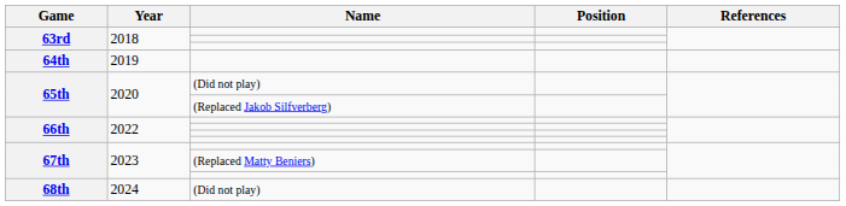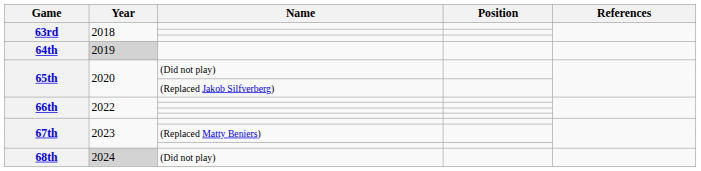 <table class="wikitable sortable" width="75%">
 <tr>
 <th scope="col">Game</th>
 <th scope="col">Year</th>
 <th scope="col">Name</th>
 <th scope="col">Position</th>
 <th scope="col" class="unsortable">References</th>
 </tr>
 <tr>
 <th scope="row" rowspan="3"><a href='#'>63rd</a></th>
 <td rowspan="3">2018</td>
 <td></td>
 <td></td>
 <td rowspan="3"></td>
 </tr>
 <tr>
 <td></td>
 <td></td>
 </tr>
 <tr>
 <td></td>
 <td></td>
 </tr>
 <tr>
 <th scope="row"><a href='#'>64th</a></th>
-<td>2019</td>
+<td style="background: lightgrey;">2019</td>
 <td></td>
 <td></td>
 <td></td>
 </tr>
 <tr>
 <th scope="row" rowspan="2"><a href='#'>65th</a></th>
 <td rowspan="2">2020</td>
 <td> <small>(Did not play)</small></td>
 <td></td>
 <td rowspan="2"></td>
 </tr>
 <tr>
 <td> <small>(Replaced <a href='#'>Jakob Silfverberg</a>)</small></td>
 <td></td>
 </tr>
 <tr>
 <th scope="row" rowspan="4"><a href='#'>66th</a></th>
 <td rowspan="4">2022</td>
 <td></td>
 <td></td>
 <td rowspan="4"></td>
 </tr>
 <tr>
 <td></td>
 <td></td>
 </tr>
 <tr>
 <td></td>
 <td></td>
 </tr>
 <tr>
 <td></td>
 <td></td>
 </tr>
 <tr>
 <th scope="row" rowspan="3"><a href='#'>67th</a></th>
 <td rowspan="3">2023</td>
 <td></td>
 <td></td>
 <td rowspan="3"></td>
 </tr>
 <tr>
 <td> <small>(Replaced <a href='#'>Matty Beniers</a>)</small></td>
 <td></td>
 </tr>
 <tr>
 <td></td>
 <td></td>
 </tr>
 <tr>
 <th scope="row"><a href='#'>68th</a></th>
-<td>2024</td>
+<td style="background: lightgrey;">2024</td>
 <td> <small>(Did not play)</small></td>
 <td></td>
 <td></td>
 </tr>
 </table>
